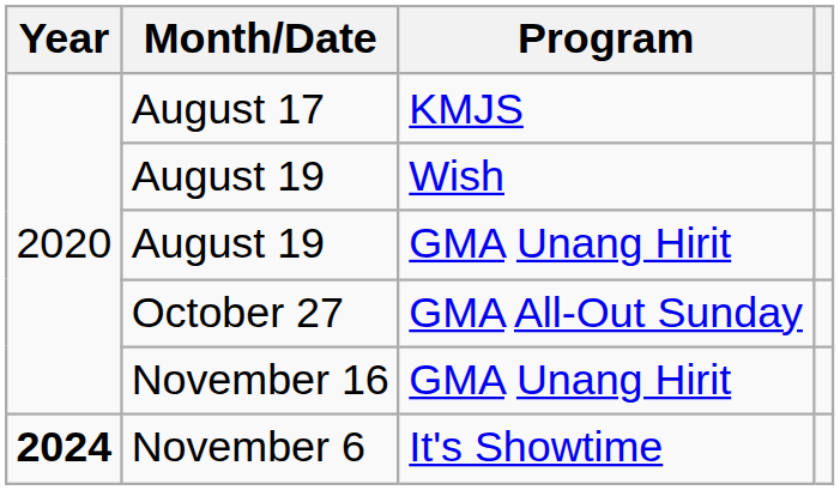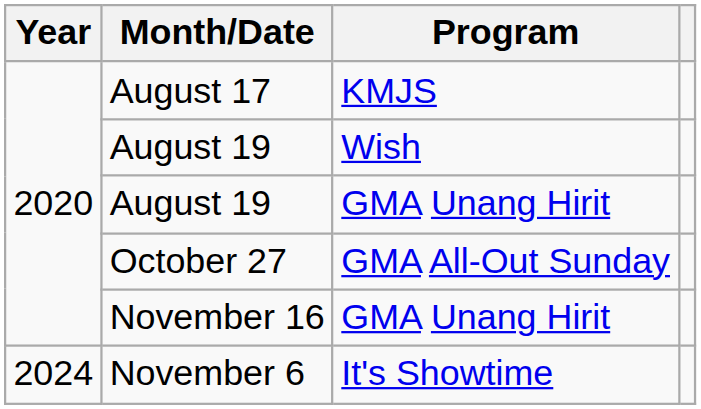 <table class="wikitable">
 <tr>
 <th>Year</th>
 <th>Month/Date</th>
 <th>Program</th>
 <th></th>
 </tr>
 <tr>
 <td rowspan="5">2020</td>
 <td>August 17</td>
 <td><a href='#'>KMJS</a></td>
 <td style="text-align:center;"></td>
 </tr>
 <tr>
 <td>August 19</td>
 <td><a href='#'>Wish</a></td>
 <td style="text-align:center;"></td>
 </tr>
 <tr>
 <td>August 19</td>
 <td><a href='#'>GMA</a> <a href='#'>Unang Hirit</a></td>
 <td style="text-align:center;"></td>
 </tr>
 <tr>
 <td>October 27</td>
 <td><a href='#'>GMA</a> <a href='#'>All-Out Sunday</a></td>
 <td style="text-align:center;"></td>
 </tr>
 <tr>
 <td>November 16</td>
 <td><a href='#'>GMA</a> <a href='#'>Unang Hirit</a></td>
 <td style="text-align:center;"></td>
 </tr>
 <tr>
-<td><strong>2024</strong></td>
+<td>2024</td>
 <td>November 6</td>
 <td><a href='#'>It's Showtime</a></td>
 <td style="text-align:center;"></td>
 </tr>
 </table>
